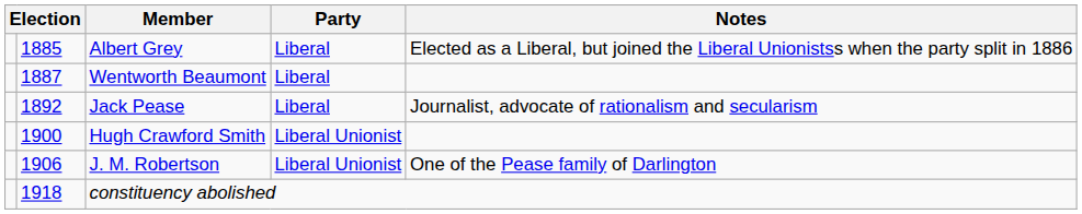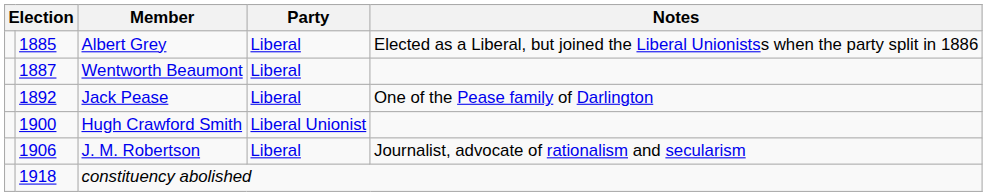 <table class="wikitable">
 <tr>
 <th colspan="2">Election</th>
 <th>Member</th>
 <th>Party</th>
 <th>Notes</th>
 </tr>
 <tr>
 <td style="color:inherit;background-color: "></td>
 <td><a href='#'>1885</a></td>
 <td><a href='#'>Albert Grey</a></td>
 <td><a href='#'>Liberal</a></td>
 <td>Elected as a Liberal, but joined the <a href='#'>Liberal Unionists</a>s when the party split in 1886</td>
 </tr>
 <tr>
 <td style="color:inherit;background-color: "></td>
 <td><a href='#'>1887</a></td>
 <td><a href='#'>Wentworth Beaumont</a></td>
 <td><a href='#'>Liberal</a></td>
 </tr>
 <tr>
 <td style="color:inherit;background-color: "></td>
 <td><a href='#'>1892</a></td>
 <td><a href='#'>Jack Pease</a></td>
 <td><a href='#'>Liberal</a></td>
-<td>Journalist, advocate of <a href='#'>rationalism</a> and <a href='#'>secularism</a></td>
+<td>One of the <a href='#'>Pease family</a> of <a href='#'>Darlington</a></td>
 </tr>
 <tr>
 <td style="color:inherit;background-color: "></td>
 <td><a href='#'>1900</a></td>
 <td><a href='#'>Hugh Crawford Smith</a></td>
 <td><a href='#'>Liberal Unionist</a></td>
 </tr>
 <tr>
 <td style="color:inherit;background-color: "></td>
 <td><a href='#'>1906</a></td>
 <td><a href='#'>J. M. Robertson</a></td>
-<td><a href='#'>Liberal Unionist</a></td>
-<td>One of the <a href='#'>Pease family</a> of <a href='#'>Darlington</a></td>
+<td><a href='#'>Liberal</a></td>
+<td>Journalist, advocate of <a href='#'>rationalism</a> and <a href='#'>secularism</a></td>
 </tr>
 <tr>
 <td></td>
 <td><a href='#'>1918</a></td>
 <td colspan="3"><em>constituency abolished</em></td>
 </tr>
 </table>
